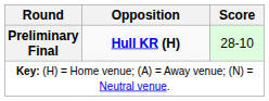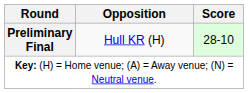 <table class="wikitable plainrowheaders" style="text-align:center;margin-left:1em;">
 <tr>
 <th width="25">Round</th>
 <th width="150">Opposition</th>
 <th width="60">Score</th>
 </tr>
 <tr>
 <th scope=row style="text-align:center">Preliminary Final</th>
-<td><strong> <a href='#'>Hull KR</a> (H)</strong></td>
+<td> <a href='#'>Hull KR</a> (H)</td>
 <td bgcolor=DDFFDD>28-10</td>
 </tr>
 <tr>
 <td colspan="3" style="background-color:white;"><small><strong>Key:</strong> (H) = Home venue; (A) = Away venue; (N) = <a href='#'>Neutral venue</a>.</small></td>
 </tr>
 </table>
